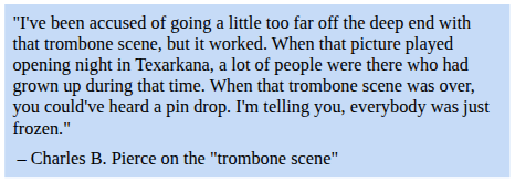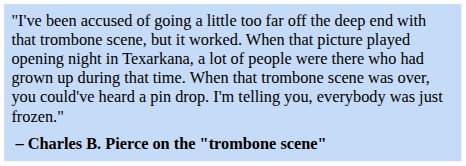 <table class="toccolours" style="float: right; margin-left: 1em; margin-right: 2em; font-size: 85%; background:#c6dbf7; color:black; width:28em; max-width: 40%;" cellspacing="5">
 <tr>
 <td style="text-align: left;">"I've been accused of going a little too far off the deep end with that trombone scene, but it worked. When that picture played opening night in Texarkana, a lot of people were there who had grown up during that time. When that trombone scene was over, you could've heard a pin drop. I'm telling you, everybody was just frozen."</td>
 </tr>
 <tr>
-<td style="text-align: left;"> – Charles B. Pierce on the "trombone scene"</td>
+<td style="text-align: left;"><strong> – Charles B. Pierce on the "trombone scene"</strong></td>
 </tr>
 </table>
